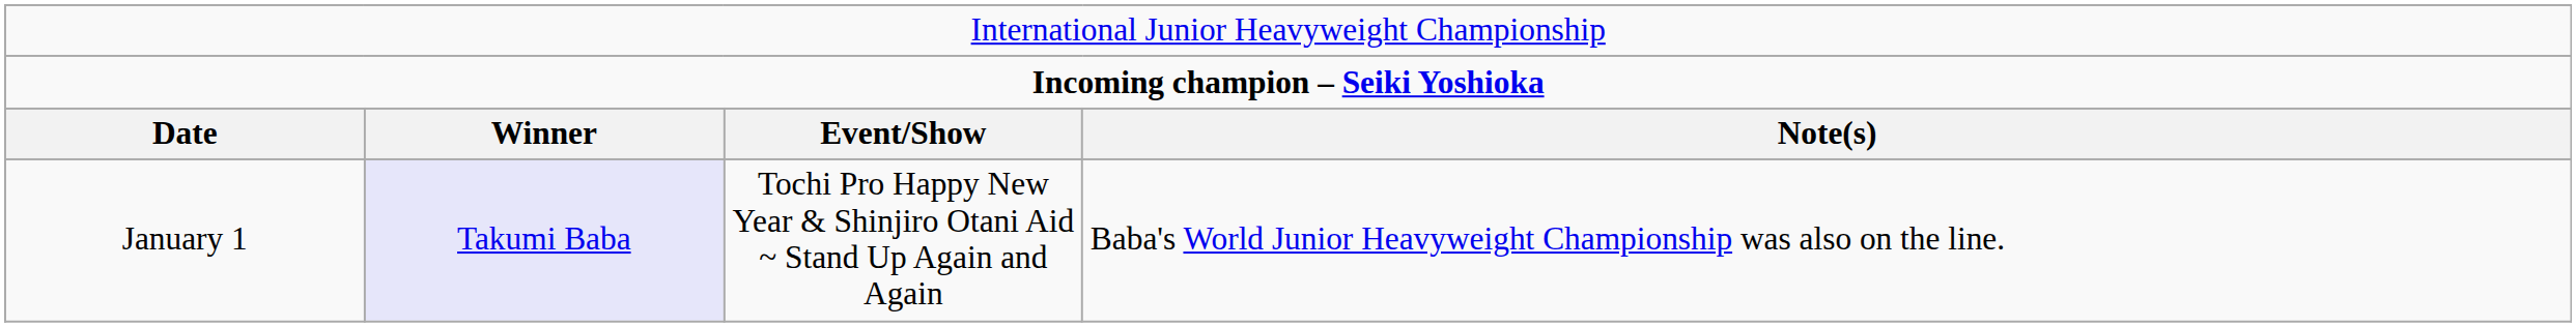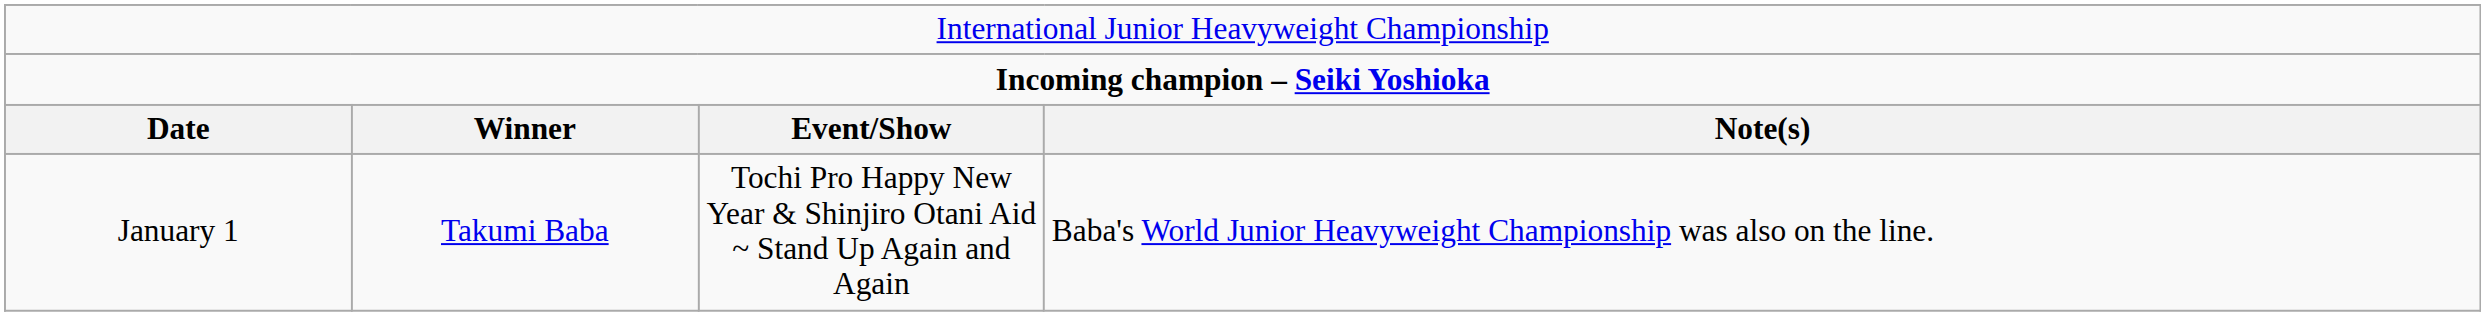 <table class="wikitable" style="text-align:center; width:100%;">
 <tr>
 <td colspan="4" style="text-align: center;"><a href='#'>International Junior Heavyweight Championship</a></td>
 </tr>
 <tr>
 <td colspan="4" style="text-align: center;"><strong>Incoming champion – <a href='#'>Seiki Yoshioka</a></strong></td>
 </tr>
 <tr>
 <th width="14%">Date</th>
 <th width="14%">Winner</th>
 <th width="14%">Event/Show</th>
 <th width="58%">Note(s)</th>
 </tr>
 <tr>
 <td>January 1<br></td>
-<td style="background: lavender;"><a href='#'>Takumi Baba</a></td>
+<td><a href='#'>Takumi Baba</a></td>
 <td>Tochi Pro Happy New Year & Shinjiro Otani Aid ~ Stand Up Again and Again</td>
 <td align=left>Baba's <a href='#'>World Junior Heavyweight Championship</a> was also on the line.</td>
 </tr>
 </table>
